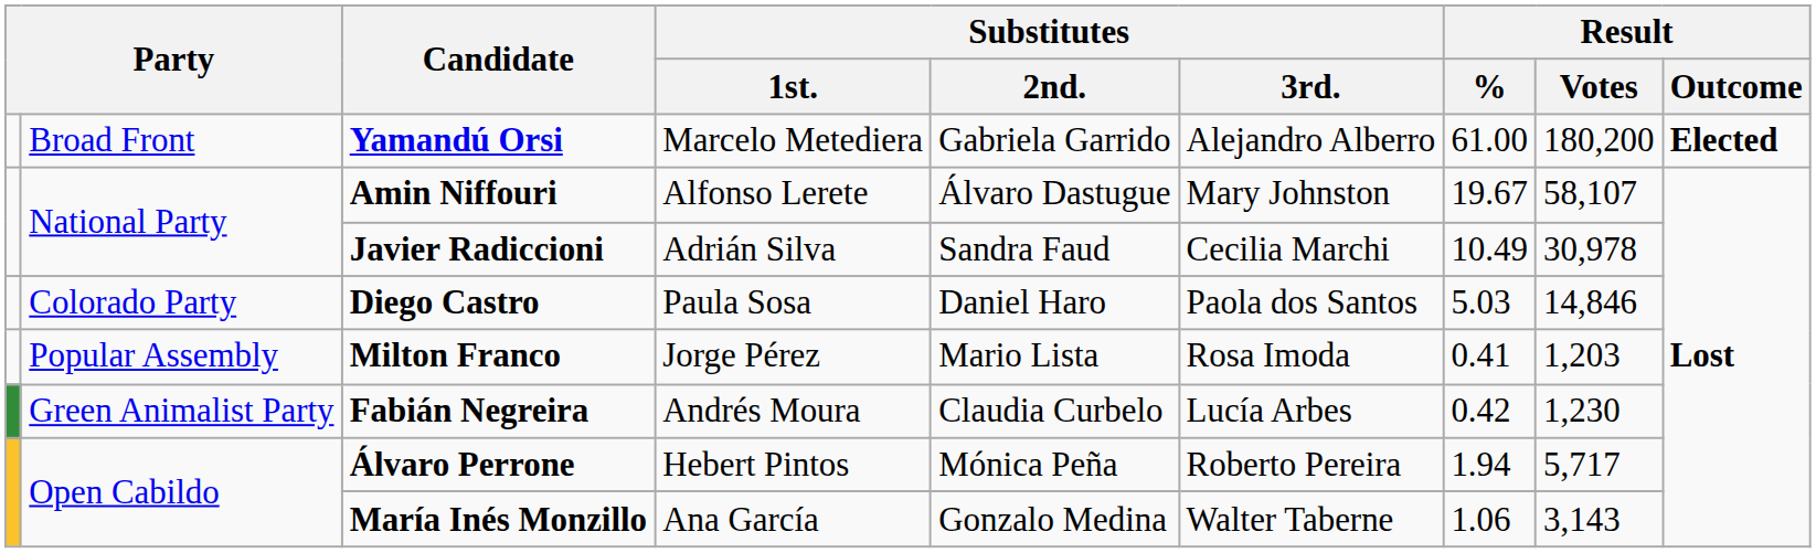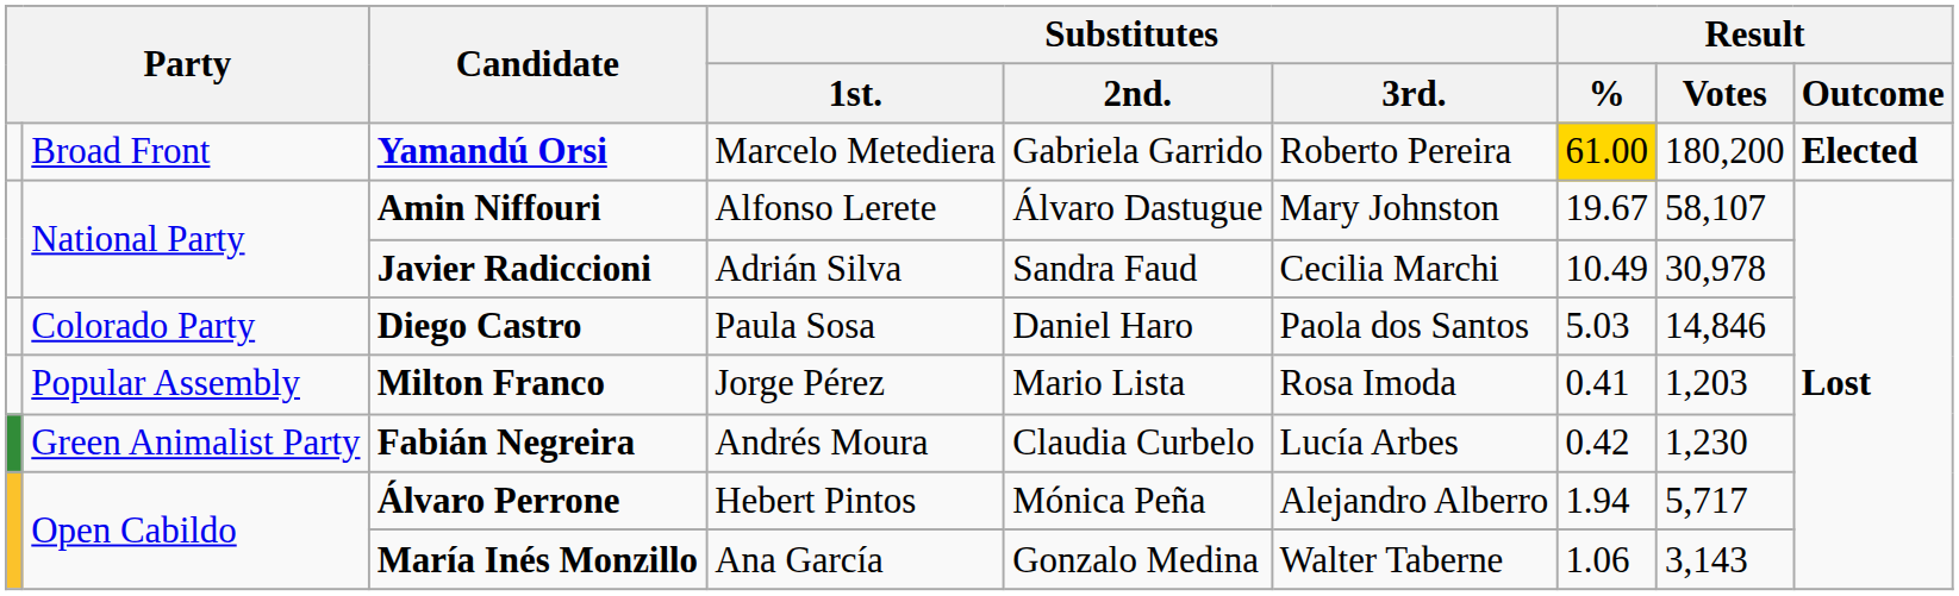 <table class="wikitable">
 <tr>
 <th colspan="2" rowspan="2">Party</th>
 <th rowspan="2">Candidate</th>
 <th colspan="3">Substitutes</th>
 <th colspan="3">Result</th>
 </tr>
 <tr>
 <th>1st.</th>
 <th>2nd.</th>
 <th>3rd.</th>
 <th>%</th>
 <th>Votes</th>
 <th>Outcome</th>
 </tr>
 <tr>
 <td style="background:"></td>
 <td><a href='#'>Broad Front</a></td>
 <td><strong><a href='#'>Yamandú Orsi</a></strong></td>
 <td>Marcelo Metediera</td>
 <td>Gabriela Garrido</td>
-<td>Alejandro Alberro</td>
-<td>61.00</td>
+<td>Roberto Pereira</td>
+<td style="background: gold;">61.00</td>
 <td>180,200</td>
 <td><strong>Elected</strong> </td>
 </tr>
 <tr>
 <td rowspan="2" style="background:"></td>
 <td rowspan="2"><a href='#'>National Party</a></td>
 <td><strong>Amin Niffouri</strong></td>
 <td>Alfonso Lerete</td>
 <td>Álvaro Dastugue</td>
 <td>Mary Johnston</td>
 <td>19.67</td>
 <td>58,107</td>
 <td rowspan="7"><strong>Lost</strong> </td>
 </tr>
 <tr>
 <td><strong>Javier Radiccioni</strong></td>
 <td>Adrián Silva</td>
 <td>Sandra Faud</td>
 <td>Cecilia Marchi</td>
 <td>10.49</td>
 <td>30,978</td>
 </tr>
 <tr>
 <td style="background:"></td>
 <td><a href='#'>Colorado Party</a></td>
 <td><strong>Diego Castro</strong></td>
 <td>Paula Sosa</td>
 <td>Daniel Haro</td>
 <td>Paola dos Santos</td>
 <td>5.03</td>
 <td>14,846</td>
 </tr>
 <tr>
 <td style="background:"></td>
 <td><a href='#'>Popular Assembly</a></td>
 <td><strong>Milton Franco</strong></td>
 <td>Jorge Pérez</td>
 <td>Mario Lista</td>
 <td>Rosa Imoda</td>
 <td>0.41</td>
 <td>1,203</td>
 </tr>
 <tr>
 <td style="background:#318C38"></td>
 <td><a href='#'>Green Animalist Party</a></td>
 <td><strong>Fabián Negreira</strong></td>
 <td>Andrés Moura</td>
 <td>Claudia Curbelo</td>
 <td>Lucía Arbes</td>
 <td>0.42</td>
 <td>1,230</td>
 </tr>
 <tr>
 <td rowspan="2" style="background:#FBC22B"></td>
 <td rowspan="2"><a href='#'>Open Cabildo</a></td>
 <td><strong>Álvaro Perrone</strong></td>
 <td>Hebert Pintos</td>
 <td>Mónica Peña</td>
-<td>Roberto Pereira</td>
+<td>Alejandro Alberro</td>
 <td>1.94</td>
 <td>5,717</td>
 </tr>
 <tr>
 <td><strong>María Inés Monzillo</strong></td>
 <td>Ana García</td>
 <td>Gonzalo Medina</td>
 <td>Walter Taberne</td>
 <td>1.06</td>
 <td>3,143</td>
 </tr>
 </table>
